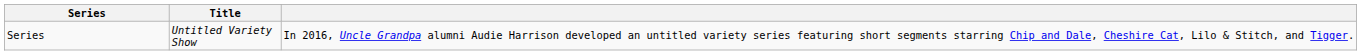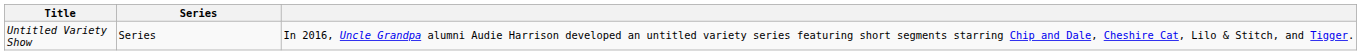 <table class="wikitable">
 <tr>
+<th style="width:100pt;">Title</th>
 <th style="width:150pt;">Series</th>
-<th style="width:100pt;">Title</th>
 <th Description></th>
 </tr>
 <tr>
+<td><em>Untitled Variety Show</em></td>
 <td>Series</td>
-<td><em>Untitled Variety Show</em></td>
 <td>In 2016, <a href='#'><em>Uncle Grandpa</em></a> alumni Audie Harrison developed an untitled variety series featuring short segments starring <a href='#'>Chip and Dale</a>, <a href='#'>Cheshire Cat</a>, Lilo & Stitch, and <a href='#'>Tigger</a>.</td>
 </tr>
 </table>
